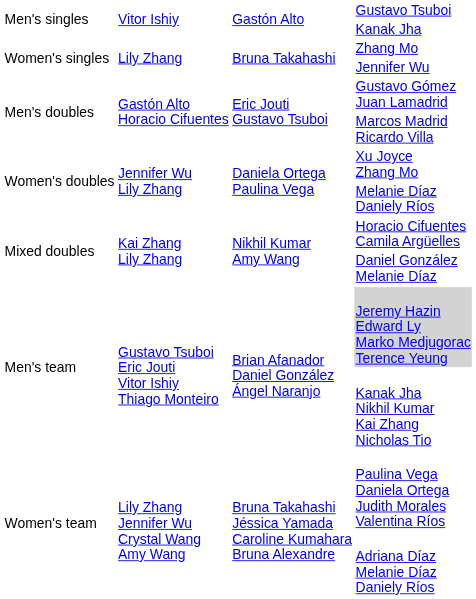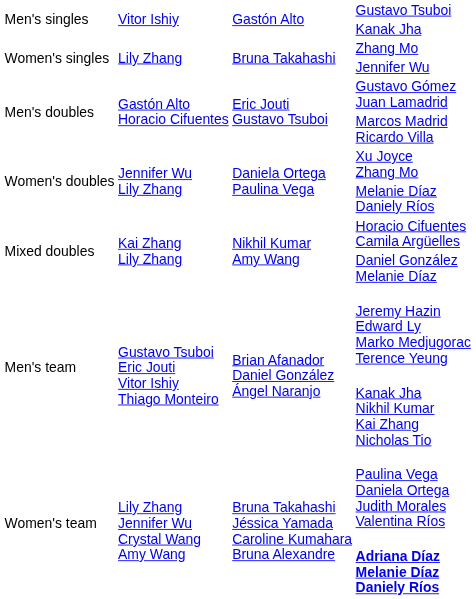 <table>
 <tr>
 <td rowspan=2>Men's singles</td>
 <td rowspan=2> <a href='#'>Vitor Ishiy</a></td>
 <td rowspan=2> <a href='#'>Gastón Alto</a></td>
 <td> <a href='#'>Gustavo Tsuboi</a></td>
 </tr>
 <tr>
 <td> <a href='#'>Kanak Jha</a></td>
 </tr>
 <tr>
 <td rowspan=2>Women's singles</td>
 <td rowspan=2> <a href='#'>Lily Zhang</a></td>
 <td rowspan=2> <a href='#'>Bruna Takahashi</a></td>
 <td> <a href='#'>Zhang Mo</a></td>
 </tr>
 <tr>
 <td> <a href='#'>Jennifer Wu</a></td>
 </tr>
 <tr>
 <td rowspan=2>Men's doubles</td>
 <td rowspan=2> <a href='#'>Gastón Alto</a><br> <a href='#'>Horacio Cifuentes</a></td>
 <td rowspan=2> <a href='#'>Eric Jouti</a><br> <a href='#'>Gustavo Tsuboi</a></td>
 <td> <a href='#'>Gustavo Gómez</a><br> <a href='#'>Juan Lamadrid</a></td>
 </tr>
 <tr>
 <td> <a href='#'>Marcos Madrid</a><br> <a href='#'>Ricardo Villa</a></td>
 </tr>
 <tr>
 <td rowspan=2>Women's doubles</td>
 <td rowspan=2> <a href='#'>Jennifer Wu</a><br> <a href='#'>Lily Zhang</a></td>
 <td rowspan=2> <a href='#'>Daniela Ortega</a><br> <a href='#'>Paulina Vega</a></td>
 <td> <a href='#'>Xu Joyce</a><br> <a href='#'>Zhang Mo</a></td>
 </tr>
 <tr>
 <td> <a href='#'>Melanie Díaz</a><br> <a href='#'>Daniely Ríos</a></td>
 </tr>
 <tr>
 <td rowspan=2>Mixed doubles</td>
 <td rowspan=2> <a href='#'>Kai Zhang</a><br> <a href='#'>Lily Zhang</a></td>
 <td rowspan=2> <a href='#'>Nikhil Kumar</a><br> <a href='#'>Amy Wang</a></td>
 <td> <a href='#'>Horacio Cifuentes</a><br> <a href='#'>Camila Argüelles</a></td>
 </tr>
 <tr>
 <td> <a href='#'>Daniel González</a><br> <a href='#'>Melanie Díaz</a></td>
 </tr>
 <tr>
 <td rowspan=2>Men's team</td>
 <td rowspan=2><br><a href='#'>Gustavo Tsuboi</a><br><a href='#'>Eric Jouti</a><br><a href='#'>Vitor Ishiy</a><br><a href='#'>Thiago Monteiro</a></td>
 <td rowspan=2><br><a href='#'>Brian Afanador</a><br><a href='#'>Daniel González</a><br><a href='#'>Ángel Naranjo</a></td>
-<td style="background: lightgrey;"><br><a href='#'>Jeremy Hazin</a><br><a href='#'>Edward Ly</a><br><a href='#'>Marko Medjugorac</a><br><a href='#'>Terence Yeung</a></td>
+<td><br><a href='#'>Jeremy Hazin</a><br><a href='#'>Edward Ly</a><br><a href='#'>Marko Medjugorac</a><br><a href='#'>Terence Yeung</a></td>
 </tr>
 <tr>
 <td><br><a href='#'>Kanak Jha</a><br><a href='#'>Nikhil Kumar</a><br><a href='#'>Kai Zhang</a><br><a href='#'>Nicholas Tio</a></td>
 </tr>
 <tr>
 <td rowspan=2>Women's team</td>
 <td rowspan=2><br><a href='#'>Lily Zhang</a><br><a href='#'>Jennifer Wu</a><br><a href='#'>Crystal Wang</a><br><a href='#'>Amy Wang</a></td>
 <td rowspan=2><br><a href='#'>Bruna Takahashi</a><br><a href='#'>Jéssica Yamada</a><br><a href='#'>Caroline Kumahara</a><br><a href='#'>Bruna Alexandre</a></td>
 <td><br><a href='#'>Paulina Vega</a><br><a href='#'>Daniela Ortega</a><br><a href='#'>Judith Morales</a><br><a href='#'>Valentina Ríos</a></td>
 </tr>
 <tr>
-<td><br><a href='#'>Adriana Díaz</a><br><a href='#'>Melanie Díaz</a><br><a href='#'>Daniely Ríos</a></td>
+<td><strong><br><a href='#'>Adriana Díaz</a><br><a href='#'>Melanie Díaz</a><br><a href='#'>Daniely Ríos</a></strong></td>
 </tr>
 </table>
